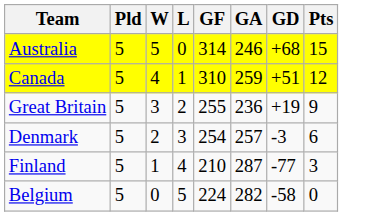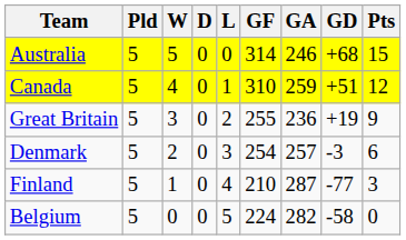 <table class="wikitable" border="1">
 <tr>
 <th>Team</th>
 <th>Pld</th>
 <th>W</th>
+<th>D</th>
 <th>L</th>
 <th>GF</th>
 <th>GA</th>
 <th>GD</th>
 <th>Pts</th>
 </tr>
 <tr style="background:#ffff00">
 <td> <a href='#'>Australia</a></td>
 <td>5</td>
 <td>5</td>
 <td>0</td>
+<td>0</td>
 <td>314</td>
 <td>246</td>
 <td>+68</td>
 <td>15</td>
 </tr>
 <tr style="background:#ffff00">
 <td> <a href='#'>Canada</a></td>
 <td>5</td>
 <td>4</td>
+<td>0</td>
 <td>1</td>
 <td>310</td>
 <td>259</td>
 <td>+51</td>
 <td>12</td>
 </tr>
 <tr>
 <td> <a href='#'>Great Britain</a></td>
 <td>5</td>
 <td>3</td>
+<td>0</td>
 <td>2</td>
 <td>255</td>
 <td>236</td>
 <td>+19</td>
 <td>9</td>
 </tr>
 <tr>
 <td> <a href='#'>Denmark</a></td>
 <td>5</td>
 <td>2</td>
+<td>0</td>
 <td>3</td>
 <td>254</td>
 <td>257</td>
 <td>-3</td>
 <td>6</td>
 </tr>
 <tr>
 <td> <a href='#'>Finland</a></td>
 <td>5</td>
 <td>1</td>
+<td>0</td>
 <td>4</td>
 <td>210</td>
 <td>287</td>
 <td>-77</td>
 <td>3</td>
 </tr>
 <tr>
 <td> <a href='#'>Belgium</a></td>
 <td>5</td>
 <td>0</td>
+<td>0</td>
 <td>5</td>
 <td>224</td>
 <td>282</td>
 <td>-58</td>
 <td>0</td>
 </tr>
 </table>
